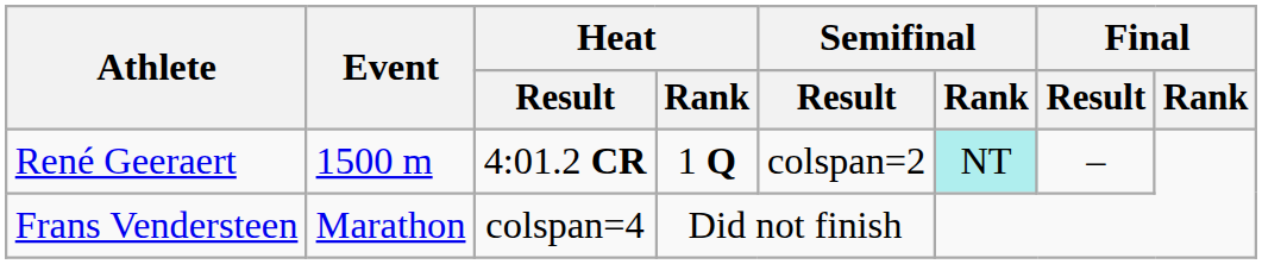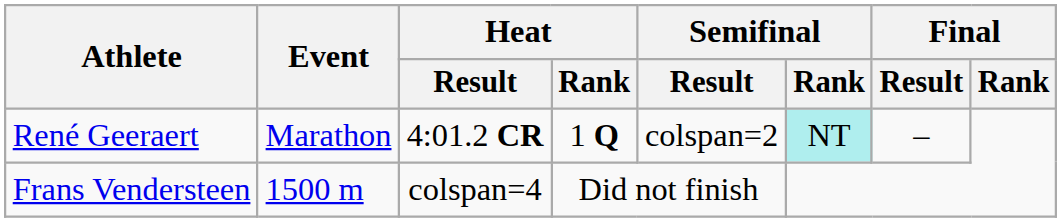 <table class="wikitable" style="font-size:90%">
 <tr>
 <th rowspan=2>Athlete</th>
 <th rowspan=2>Event</th>
 <th colspan=2>Heat</th>
 <th colspan=2>Semifinal</th>
 <th colspan=2>Final</th>
 </tr>
 <tr style="font-size:95%">
 <th>Result</th>
 <th>Rank</th>
 <th>Result</th>
 <th>Rank</th>
 <th>Result</th>
 <th>Rank</th>
 </tr>
 <tr align=center>
 <td align=left><a href='#'>René Geeraert</a></td>
-<td style="text-align:left;"><a href='#'>1500 m</a></td>
+<td style="text-align:left;"><a href='#'>Marathon</a></td>
 <td>4:01.2 <strong>CR</strong></td>
 <td>1 <strong>Q</strong></td>
 <td>colspan=2 </td>
 <td style="background: paleturquoise;">NT</td>
 <td>–</td>
 </tr>
 <tr align=center>
 <td align=left><a href='#'>Frans Vendersteen</a></td>
-<td style="text-align:left;"><a href='#'>Marathon</a></td>
+<td style="text-align:left;"><a href='#'>1500 m</a></td>
 <td>colspan=4 </td>
 <td colspan=2>Did not finish</td>
 </tr>
 </table>
